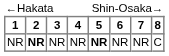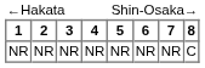 <table cellspacing=0 cellpadding=2>
 <tr>
 <td colspan=4 style="text-align:left">←Hakata</td>
 <td colspan=4 style="text-align:right">Shin-Osaka→</td>
 </tr>
 <tr>
 <th style="border-top:solid 2px gray;border-left:solid 2px gray;border-right:solid 2px gray;">1</th>
 <th style="border-top:solid 2px gray;border-right:solid 2px gray;">2</th>
 <th style="border-top:solid 2px gray;border-right:solid 2px gray;">3</th>
 <th style="border-top:solid 2px gray;border-right:solid 2px gray;">4</th>
 <th style="border-top:solid 2px gray;border-right:solid 2px gray;">5</th>
 <th style="border-top:solid 2px gray;border-right:solid 2px gray;">6</th>
 <th style="border-top:solid 2px gray;border-right:solid 2px gray;">7</th>
 <th style="border-top:solid 2px gray;border-right:solid 2px gray;">8</th>
 </tr>
 <tr style="text-align:center;">
 <td style="border:solid 2px gray; bgcolor=white;">NR</td>
-<td style="border-top:solid 2px gray;border-bottom:solid 2px gray;border-right:solid 2px gray; background:white;"><strong>NR</strong></td>
 <td style="border-top:solid 2px gray;border-bottom:solid 2px gray;border-right:solid 2px gray; background:white;">NR</td>
 <td style="border-top:solid 2px gray;border-bottom:solid 2px gray;border-right:solid 2px gray; background:white;">NR</td>
-<td style="border-top:solid 2px gray;border-bottom:solid 2px gray;border-right:solid 2px gray; background:white;"><strong>NR</strong></td>
+<td style="border-top:solid 2px gray;border-bottom:solid 2px gray;border-right:solid 2px gray; background:white;">NR</td>
+<td style="border-top:solid 2px gray;border-bottom:solid 2px gray;border-right:solid 2px gray; background:white;">NR</td>
 <td style="border-top:solid 2px gray;border-bottom:solid 2px gray;border-right:solid 2px gray; background:white;">NR</td>
 <td style="border-top:solid 2px gray;border-bottom:solid 2px gray;border-right:solid 2px gray; background:white;">NR</td>
 <td style="border-top:solid 2px gray;border-bottom:solid 2px gray;border-right:solid 2px gray; background:white;">C</td>
 </tr>
 </table>
